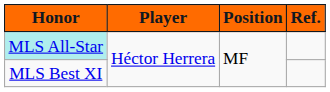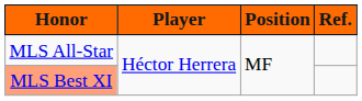 <table class=wikitable>
 <tr>
 <th style="background:#FF6B00; color:#101820; border:1px solid #101820; text-align:center;">Honor</th>
 <th style="background:#FF6B00; color:#101820; border:1px solid #101820; text-align:center;">Player</th>
 <th style="background:#FF6B00; color:#101820; border:1px solid #101820; text-align:center;">Position</th>
 <th style="background:#FF6B00; color:#101820; border:1px solid #101820; text-align:center;">Ref.</th>
 </tr>
 <tr>
-<td align="center" style="background: paleturquoise;"><a href='#'>MLS All-Star</a></td>
+<td align="center"><a href='#'>MLS All-Star</a></td>
 <td rowspan="2"> <a href='#'>Héctor Herrera</a></td>
 <td rowspan="2">MF</td>
 <td></td>
 </tr>
 <tr>
-<td align="center"><a href='#'>MLS Best XI</a></td>
+<td align="center" style="background: lightsalmon;"><a href='#'>MLS Best XI</a></td>
 <td></td>
 </tr>
 </table>
